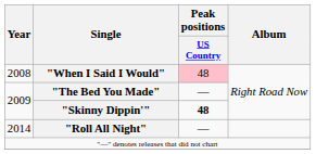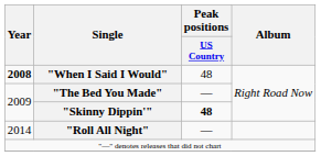 <table class="wikitable plainrowheaders" style="text-align:center;">
 <tr>
 <th rowspan="2">Year</th>
 <th rowspan="2" style="width:12em;">Single</th>
 <th colspan="1">Peak positions</th>
 <th rowspan="2">Album</th>
 </tr>
 <tr style="font-size:smaller;">
 <th width="60"><a href='#'>US Country</a></th>
 </tr>
 <tr>
-<td>2008</td>
+<td><strong>2008</strong></td>
 <th scope="row">"When I Said I Would"</th>
-<td style="background: pink;">48</td>
+<td>48</td>
 <td align="left" rowspan="3"><em>Right Road Now</em></td>
 </tr>
 <tr>
 <td rowspan="2">2009</td>
 <th scope="row">"The Bed You Made"</th>
 <td>—</td>
 </tr>
 <tr>
 <th scope="row">"Skinny Dippin'"</th>
 <td><strong>48</strong></td>
 </tr>
 <tr>
 <td>2014</td>
 <th scope="row">"Roll All Night"</th>
 <td>—</td>
 <td></td>
 </tr>
 <tr>
 <td colspan="4" style="font-size:8pt">"—" denotes releases that did not chart</td>
 </tr>
 <tr>
 </tr>
 </table>
